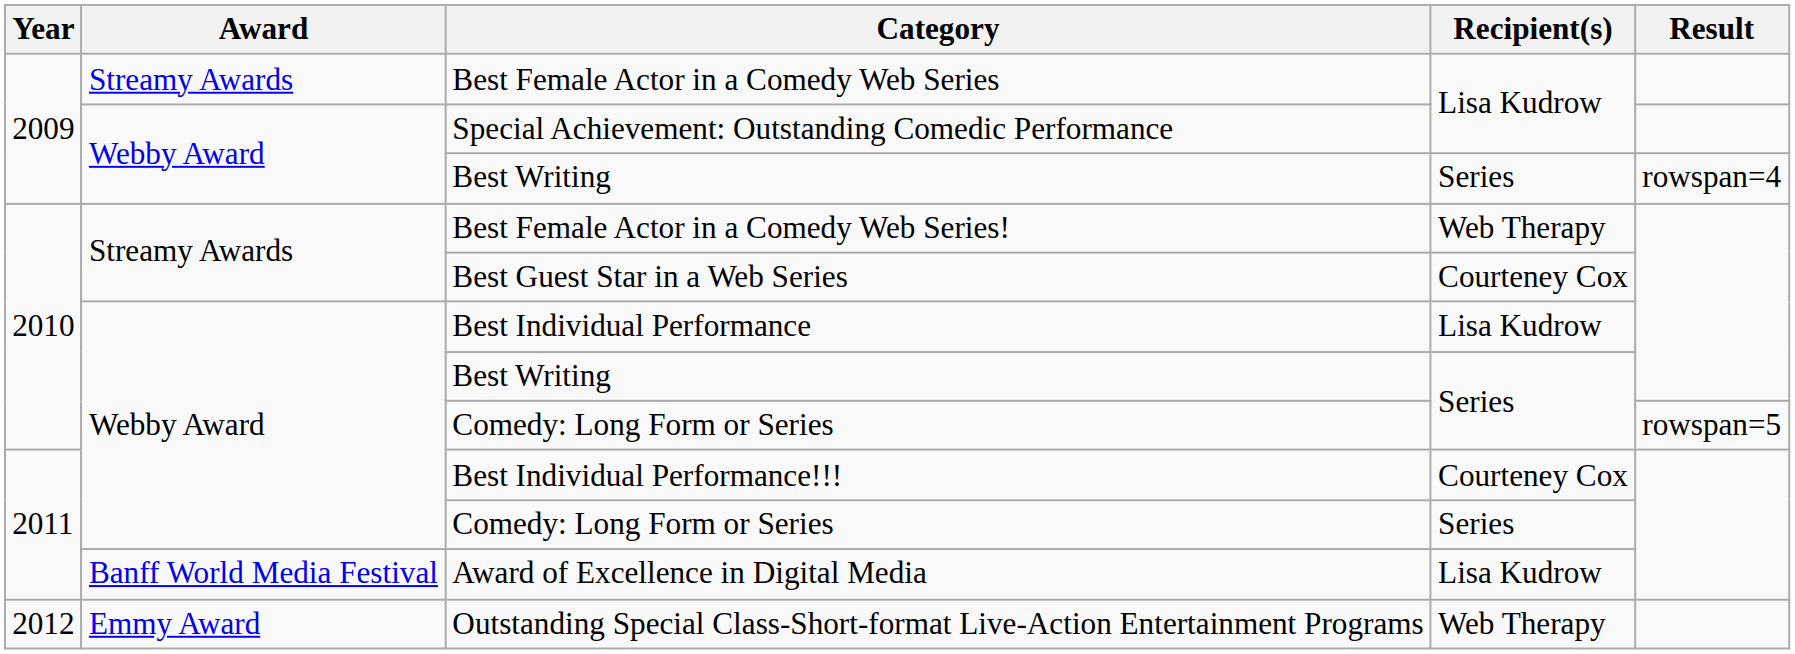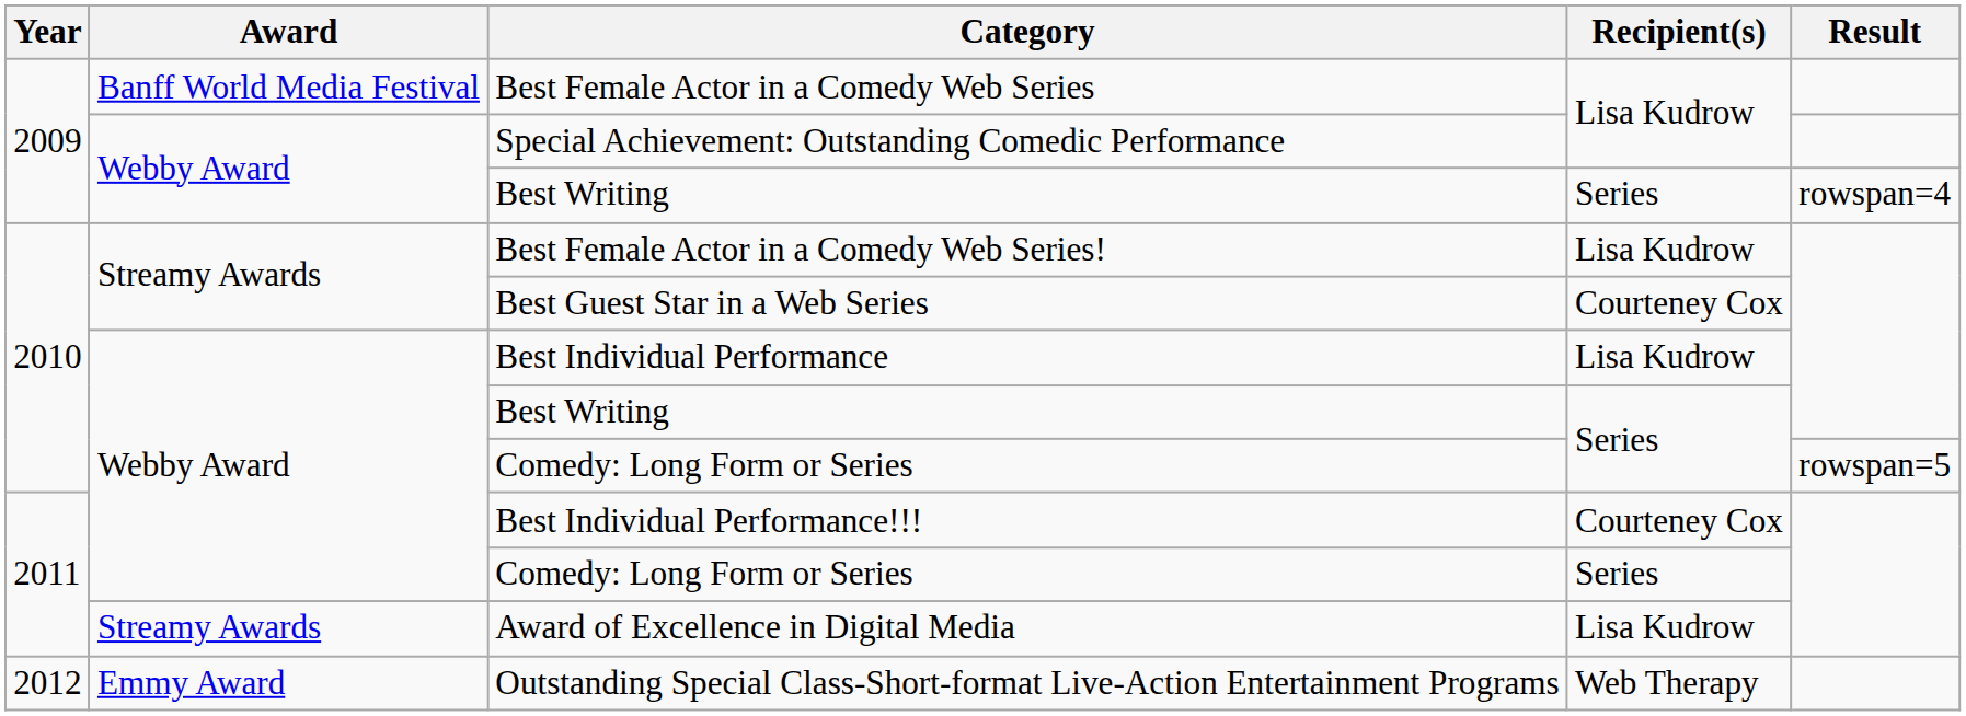 <table class="wikitable">
 <tr>
 <th>Year</th>
 <th>Award</th>
 <th>Category</th>
 <th>Recipient(s)</th>
 <th>Result</th>
 </tr>
 <tr>
 <td rowspan=3>2009</td>
-<td><a href='#'>Streamy Awards</a></td>
+<td><a href='#'>Banff World Media Festival</a></td>
 <td>Best Female Actor in a Comedy Web Series</td>
 <td rowspan=2>Lisa Kudrow</td>
 <td></td>
 </tr>
 <tr>
 <td rowspan=2><a href='#'>Webby Award</a></td>
 <td>Special Achievement: Outstanding Comedic Performance</td>
 <td></td>
 </tr>
 <tr>
 <td>Best Writing</td>
 <td>Series</td>
 <td>rowspan=4 </td>
 </tr>
 <tr>
 <td rowspan=5>2010</td>
 <td rowspan=2>Streamy Awards</td>
 <td>Best Female Actor in a Comedy Web Series!</td>
-<td>Web Therapy</td>
+<td>Lisa Kudrow</td>
 </tr>
 <tr>
 <td>Best Guest Star in a Web Series</td>
 <td>Courteney Cox</td>
 </tr>
 <tr>
 <td rowspan=5>Webby Award</td>
 <td>Best Individual Performance</td>
 <td>Lisa Kudrow</td>
 </tr>
 <tr>
 <td>Best Writing</td>
 <td rowspan=2>Series</td>
 </tr>
 <tr>
 <td>Comedy: Long Form or Series</td>
 <td>rowspan=5 </td>
 </tr>
 <tr>
 <td rowspan=3>2011</td>
 <td>Best Individual Performance!!!</td>
 <td>Courteney Cox</td>
 </tr>
 <tr>
 <td>Comedy: Long Form or Series</td>
 <td>Series</td>
 </tr>
 <tr>
-<td><a href='#'>Banff World Media Festival</a></td>
+<td><a href='#'>Streamy Awards</a></td>
 <td>Award of Excellence in Digital Media</td>
 <td>Lisa Kudrow</td>
 </tr>
 <tr>
 <td>2012</td>
 <td><a href='#'>Emmy Award</a></td>
 <td>Outstanding Special Class-Short-format Live-Action Entertainment Programs</td>
 <td>Web Therapy</td>
 <td></td>
 </tr>
 </table>
